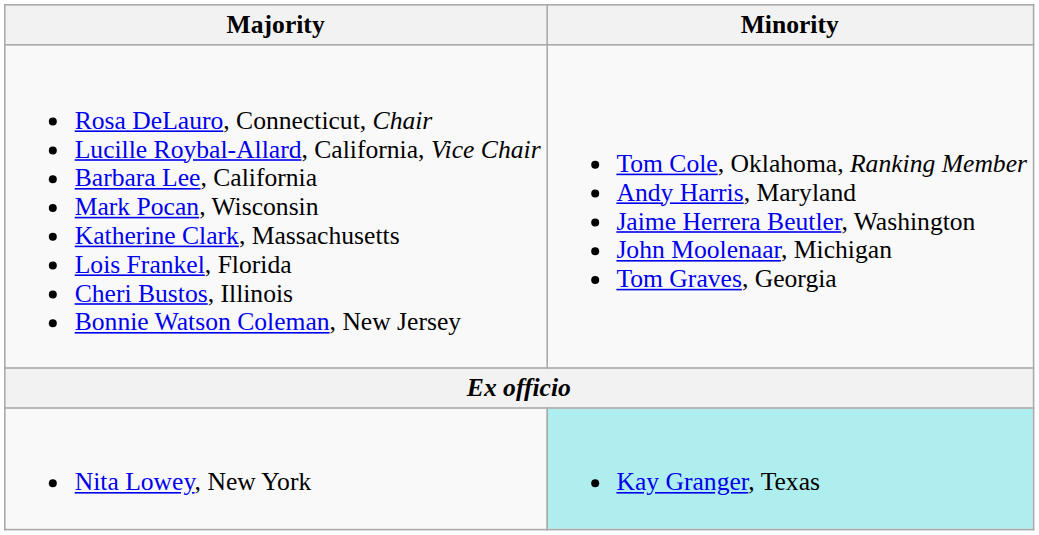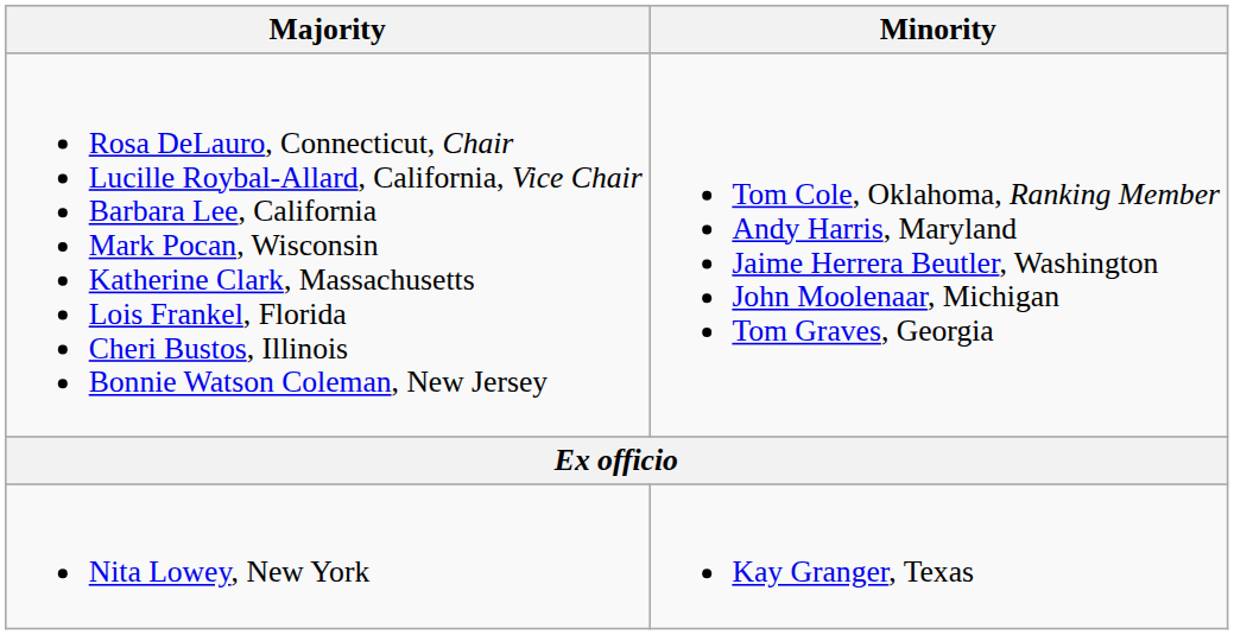 <table class=wikitable>
 <tr>
 <th>Majority</th>
 <th>Minority</th>
 </tr>
 <tr>
 <td><br><ul><li><a href='#'>Rosa DeLauro</a>, Connecticut, <em>Chair</em></li><li><a href='#'>Lucille Roybal-Allard</a>, California, <em>Vice Chair</em></li><li><a href='#'>Barbara Lee</a>, California</li><li><a href='#'>Mark Pocan</a>, Wisconsin</li><li><a href='#'>Katherine Clark</a>, Massachusetts</li><li><a href='#'>Lois Frankel</a>, Florida</li><li><a href='#'>Cheri Bustos</a>, Illinois</li><li><a href='#'>Bonnie Watson Coleman</a>, New Jersey</li></ul></td>
 <td><br><ul><li><a href='#'>Tom Cole</a>, Oklahoma, <em>Ranking Member</em></li><li><a href='#'>Andy Harris</a>, Maryland</li><li><a href='#'>Jaime Herrera Beutler</a>, Washington</li><li><a href='#'>John Moolenaar</a>, Michigan</li><li><a href='#'>Tom Graves</a>, Georgia</li></ul></td>
 </tr>
 <tr>
 <th colspan=2><em>Ex officio</em></th>
 </tr>
 <tr>
 <td><br><ul><li><a href='#'>Nita Lowey</a>, New York</li></ul></td>
-<td style="background: paleturquoise;"><br><ul><li><a href='#'>Kay Granger</a>, Texas</li></ul></td>
+<td><br><ul><li><a href='#'>Kay Granger</a>, Texas</li></ul></td>
 </tr>
 </table>
